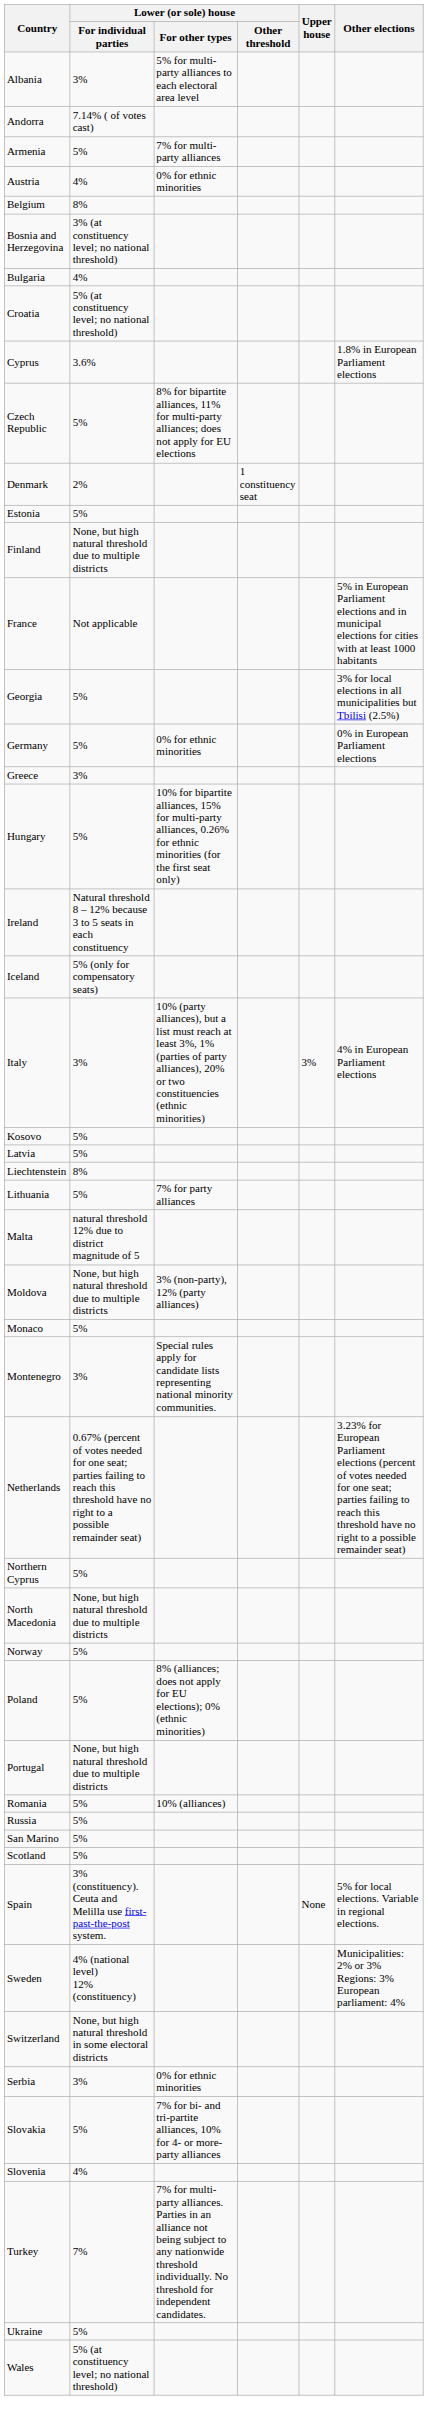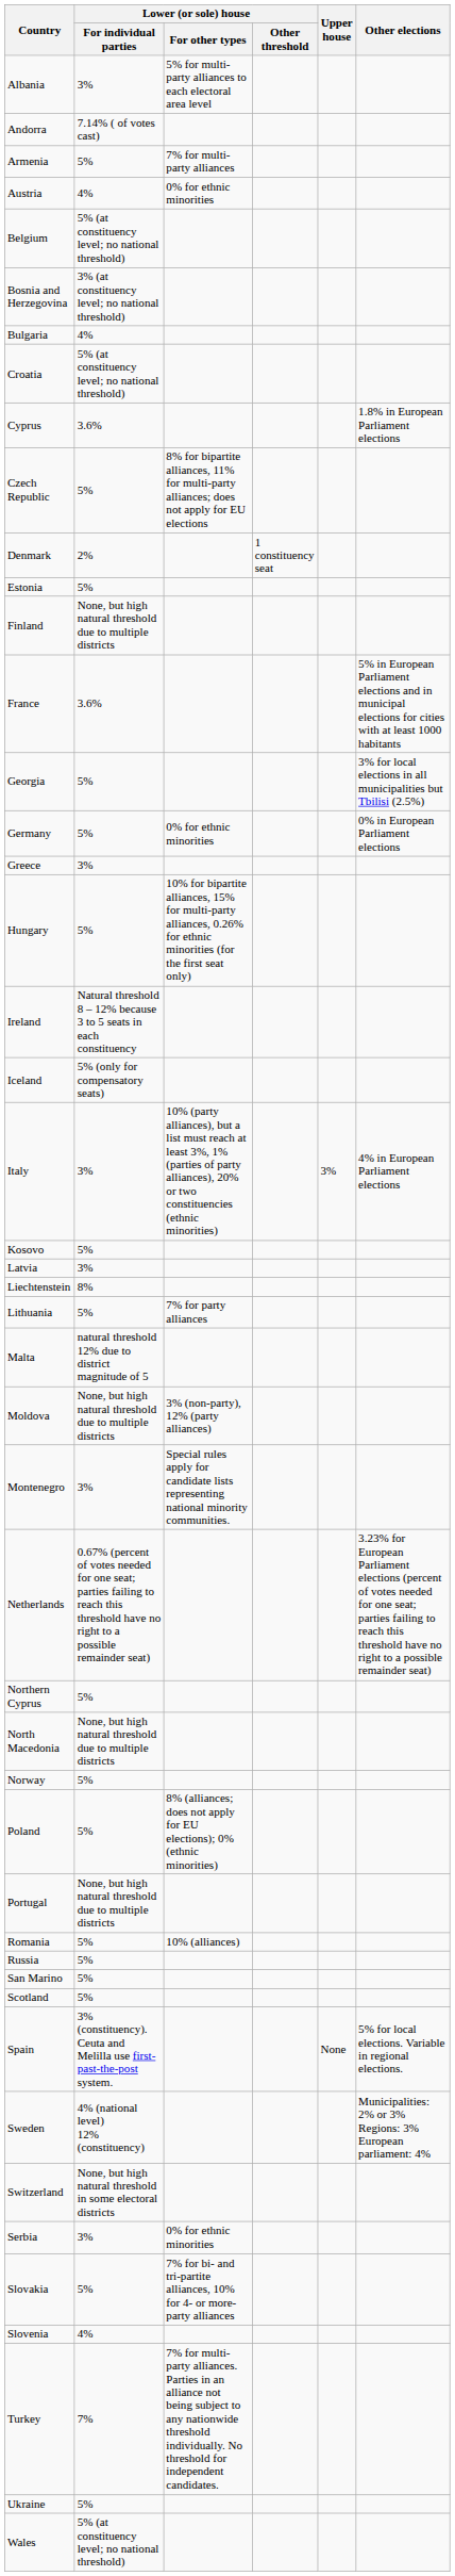 <table class="wikitable sortable">
 <tr>
 <th rowspan="2">Country</th>
 <th colspan="3" width="300px" data-sort-type="number">Lower (or sole) house</th>
 <th rowspan="2">Upper house</th>
 <th rowspan="2">Other elections</th>
 </tr>
 <tr>
 <th>For individual parties</th>
 <th>For other types</th>
 <th>Other threshold</th>
 </tr>
 <tr>
 <td>Albania</td>
 <td>3%</td>
 <td>5% for multi-party alliances to each electoral area level</td>
 <td></td>
 <td></td>
 <td></td>
 </tr>
 <tr>
 <td>Andorra</td>
 <td>7.14% ( of votes cast)</td>
 <td></td>
 <td></td>
 <td></td>
 <td></td>
 </tr>
 <tr>
 <td>Armenia</td>
 <td>5%</td>
 <td>7% for multi-party alliances</td>
 <td></td>
 <td></td>
 <td></td>
 </tr>
 <tr>
 <td>Austria</td>
 <td>4%</td>
 <td>0% for ethnic minorities</td>
 <td></td>
 <td></td>
 <td></td>
 </tr>
 <tr>
 <td>Belgium</td>
-<td>8%</td>
+<td>5% (at constituency level; no national threshold)</td>
 <td></td>
 <td></td>
 <td></td>
 <td></td>
 </tr>
 <tr>
 <td>Bosnia and Herzegovina</td>
 <td>3% (at constituency level; no national threshold)</td>
 <td></td>
 <td></td>
 <td></td>
 <td></td>
 </tr>
 <tr>
 <td>Bulgaria</td>
 <td>4%</td>
 <td></td>
 <td></td>
 <td></td>
 <td></td>
 </tr>
 <tr>
 <td>Croatia</td>
 <td>5% (at constituency level; no national threshold)</td>
 <td></td>
 <td></td>
 <td></td>
 <td></td>
 </tr>
 <tr>
 <td>Cyprus</td>
 <td>3.6%</td>
 <td></td>
 <td></td>
 <td></td>
 <td>1.8% in European Parliament elections</td>
 </tr>
 <tr>
 <td>Czech Republic</td>
 <td>5%</td>
 <td>8% for bipartite alliances, 11% for multi-party alliances; does not apply for EU elections</td>
 <td></td>
 <td></td>
 <td></td>
 </tr>
 <tr>
 <td>Denmark</td>
 <td>2%</td>
 <td></td>
 <td>1 constituency seat</td>
 <td></td>
 <td></td>
 </tr>
 <tr>
 <td>Estonia</td>
 <td>5%</td>
 <td></td>
 <td></td>
 <td></td>
 <td></td>
 </tr>
 <tr>
 <td>Finland</td>
 <td>None, but high natural threshold due to multiple districts</td>
 <td></td>
 <td></td>
 <td></td>
 <td></td>
 </tr>
 <tr>
 <td>France</td>
-<td>Not applicable</td>
+<td>3.6%</td>
 <td></td>
 <td></td>
 <td></td>
 <td>5% in European Parliament elections and in municipal elections for cities with at least 1000 habitants</td>
 </tr>
 <tr>
 <td>Georgia</td>
 <td>5%</td>
 <td></td>
 <td></td>
 <td></td>
 <td>3% for local elections in all municipalities but <a href='#'>Tbilisi</a> (2.5%)</td>
 </tr>
 <tr>
 <td>Germany</td>
 <td>5%<br></td>
 <td>0% for ethnic minorities</td>
 <td></td>
 <td></td>
 <td>0% in European Parliament elections</td>
 </tr>
 <tr>
 <td>Greece</td>
 <td>3%</td>
 <td></td>
 <td></td>
 <td></td>
 <td></td>
 </tr>
 <tr>
 <td>Hungary</td>
 <td>5%</td>
 <td>10% for bipartite alliances, 15% for multi-party alliances, 0.26% for ethnic minorities (for the first seat only)</td>
 <td></td>
 <td></td>
 <td></td>
 </tr>
 <tr>
 <td>Ireland</td>
 <td>Natural threshold 8 – 12% because 3 to 5 seats in each constituency</td>
 <td></td>
 <td></td>
 <td></td>
 <td></td>
 </tr>
 <tr>
 <td>Iceland</td>
 <td>5% (only for compensatory seats)</td>
 <td></td>
 <td></td>
 <td></td>
 <td></td>
 </tr>
 <tr>
 <td>Italy</td>
 <td>3%</td>
 <td>10% (party alliances), but a list must reach at least 3%, 1% (parties of party alliances), 20% or two constituencies (ethnic minorities)</td>
 <td></td>
 <td>3%</td>
 <td>4% in European Parliament elections</td>
 </tr>
 <tr>
 <td>Kosovo</td>
 <td>5%</td>
 <td></td>
 <td></td>
 <td></td>
 <td></td>
 </tr>
 <tr>
 <td>Latvia</td>
-<td>5%</td>
+<td>3%</td>
 <td></td>
 <td></td>
 <td></td>
 <td></td>
 </tr>
 <tr>
 <td>Liechtenstein</td>
 <td>8%</td>
 <td></td>
 <td></td>
 <td></td>
 <td></td>
 </tr>
 <tr>
 <td>Lithuania</td>
 <td>5%</td>
 <td>7% for party alliances</td>
 <td></td>
 <td></td>
 <td></td>
 </tr>
 <tr>
 <td>Malta</td>
 <td>natural threshold 12% due to district magnitude of 5</td>
 <td></td>
 <td></td>
 <td></td>
 <td></td>
 </tr>
 <tr>
 <td>Moldova</td>
 <td>None, but high natural threshold due to multiple districts</td>
 <td>3% (non-party), 12% (party alliances)</td>
-<td></td>
-<td></td>
-<td></td>
-</tr>
-<tr>
-<td>Monaco</td>
-<td>5%</td>
-<td></td>
 <td></td>
 <td></td>
 <td></td>
 </tr>
 <tr>
 <td>Montenegro</td>
 <td>3%</td>
 <td>Special rules apply for candidate lists representing national minority communities.</td>
 <td></td>
 <td></td>
 <td></td>
 </tr>
 <tr>
 <td>Netherlands</td>
 <td>0.67% (percent of votes needed for one seat; parties failing to reach this threshold have no right to a possible remainder seat)</td>
 <td></td>
 <td></td>
 <td></td>
 <td>3.23% for European Parliament elections (percent of votes needed for one seat; parties failing to reach this threshold have no right to a possible remainder seat)</td>
 </tr>
 <tr>
 <td>Northern Cyprus</td>
 <td>5%</td>
 <td></td>
 <td></td>
 <td></td>
 <td></td>
 </tr>
 <tr>
 <td>North Macedonia</td>
 <td>None, but high natural threshold due to multiple districts</td>
 <td></td>
 <td></td>
 <td></td>
 <td></td>
 </tr>
 <tr>
 <td>Norway</td>
 <td>5%</td>
 <td></td>
 <td></td>
 <td></td>
 <td></td>
 </tr>
 <tr>
 <td>Poland</td>
 <td>5%</td>
 <td>8% (alliances; does not apply for EU elections); 0% (ethnic minorities)</td>
 <td></td>
 <td></td>
 <td></td>
 </tr>
 <tr>
 <td>Portugal</td>
 <td>None, but high natural threshold due to multiple districts</td>
 <td></td>
 <td></td>
 <td></td>
 <td></td>
 </tr>
 <tr>
 <td>Romania</td>
 <td>5%</td>
 <td>10% (alliances)</td>
 <td></td>
 <td></td>
 <td></td>
 </tr>
 <tr>
 <td>Russia</td>
 <td>5%</td>
 <td></td>
 <td></td>
 <td></td>
 <td></td>
 </tr>
 <tr>
 <td>San Marino</td>
 <td>5%</td>
 <td></td>
 <td></td>
 <td></td>
 <td></td>
 </tr>
 <tr>
 <td>Scotland</td>
 <td>5%</td>
 <td></td>
 <td></td>
 <td></td>
 <td></td>
 </tr>
 <tr>
 <td>Spain</td>
 <td>3% (constituency). Ceuta and Melilla use <a href='#'>first-past-the-post</a> system.</td>
 <td></td>
 <td></td>
 <td>None</td>
 <td>5% for local elections. Variable in regional elections.</td>
 </tr>
 <tr>
 <td>Sweden</td>
 <td>4% (national level)<br>12% (constituency)</td>
 <td></td>
 <td></td>
 <td></td>
 <td>Municipalities: 2% or 3%<br>Regions: 3% European parliament: 4%</td>
 </tr>
 <tr>
 <td>Switzerland</td>
 <td>None, but high natural threshold in some electoral districts</td>
 <td></td>
 <td></td>
 <td></td>
 <td></td>
 </tr>
 <tr>
 <td>Serbia</td>
 <td>3%</td>
 <td>0% for ethnic minorities</td>
 <td></td>
 <td></td>
 <td></td>
 </tr>
 <tr>
 <td>Slovakia</td>
 <td>5%</td>
 <td>7% for bi- and tri-partite alliances, 10% for 4- or more-party alliances</td>
 <td></td>
 <td></td>
 <td></td>
 </tr>
 <tr>
 <td>Slovenia</td>
 <td>4%</td>
 <td></td>
 <td></td>
 <td></td>
 <td></td>
 </tr>
 <tr>
 <td>Turkey</td>
 <td>7%</td>
 <td>7% for multi-party alliances. Parties in an alliance not being subject to any nationwide threshold individually. No threshold for independent candidates.</td>
 <td></td>
 <td></td>
 <td></td>
 </tr>
 <tr>
 <td>Ukraine</td>
 <td>5%</td>
 <td></td>
 <td></td>
 <td></td>
 <td></td>
 </tr>
 <tr>
 <td>Wales</td>
 <td>5% (at constituency level; no national threshold)</td>
 <td></td>
 <td></td>
 <td></td>
 <td></td>
 </tr>
 </table>
